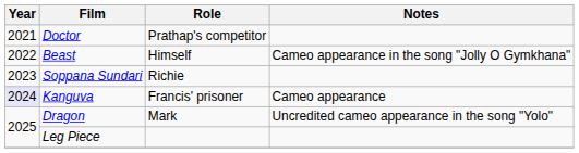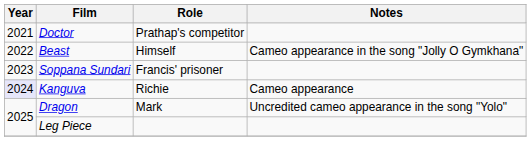 <table class="wikitable">
 <tr style="background:#cccccf; text-align:center;">
 <th>Year</th>
 <th>Film</th>
 <th>Role</th>
 <th>Notes</th>
 </tr>
 <tr>
 <td>2021</td>
 <td><em><a href='#'>Doctor</a></em></td>
 <td>Prathap's competitor</td>
 <td></td>
 </tr>
 <tr>
 <td>2022</td>
 <td><em><a href='#'>Beast</a></em></td>
 <td>Himself</td>
 <td>Cameo appearance in the song "Jolly O Gymkhana"</td>
 </tr>
 <tr>
 <td>2023</td>
 <td><em><a href='#'>Soppana Sundari</a></em></td>
-<td>Richie</td>
+<td>Francis' prisoner</td>
 <td></td>
 </tr>
 <tr>
 <td style="background: lavender;">2024</td>
 <td><em><a href='#'>Kanguva</a></em></td>
-<td>Francis' prisoner</td>
+<td>Richie</td>
 <td>Cameo appearance</td>
 </tr>
 <tr>
 <td rowspan="2">2025</td>
 <td><em><a href='#'>Dragon</a></em></td>
 <td>Mark</td>
 <td>Uncredited cameo appearance in the song "Yolo"</td>
 </tr>
 <tr>
 <td><em>Leg Piece</em></td>
 <td></td>
 <td></td>
 </tr>
 <tr>
 </tr>
 </table>
